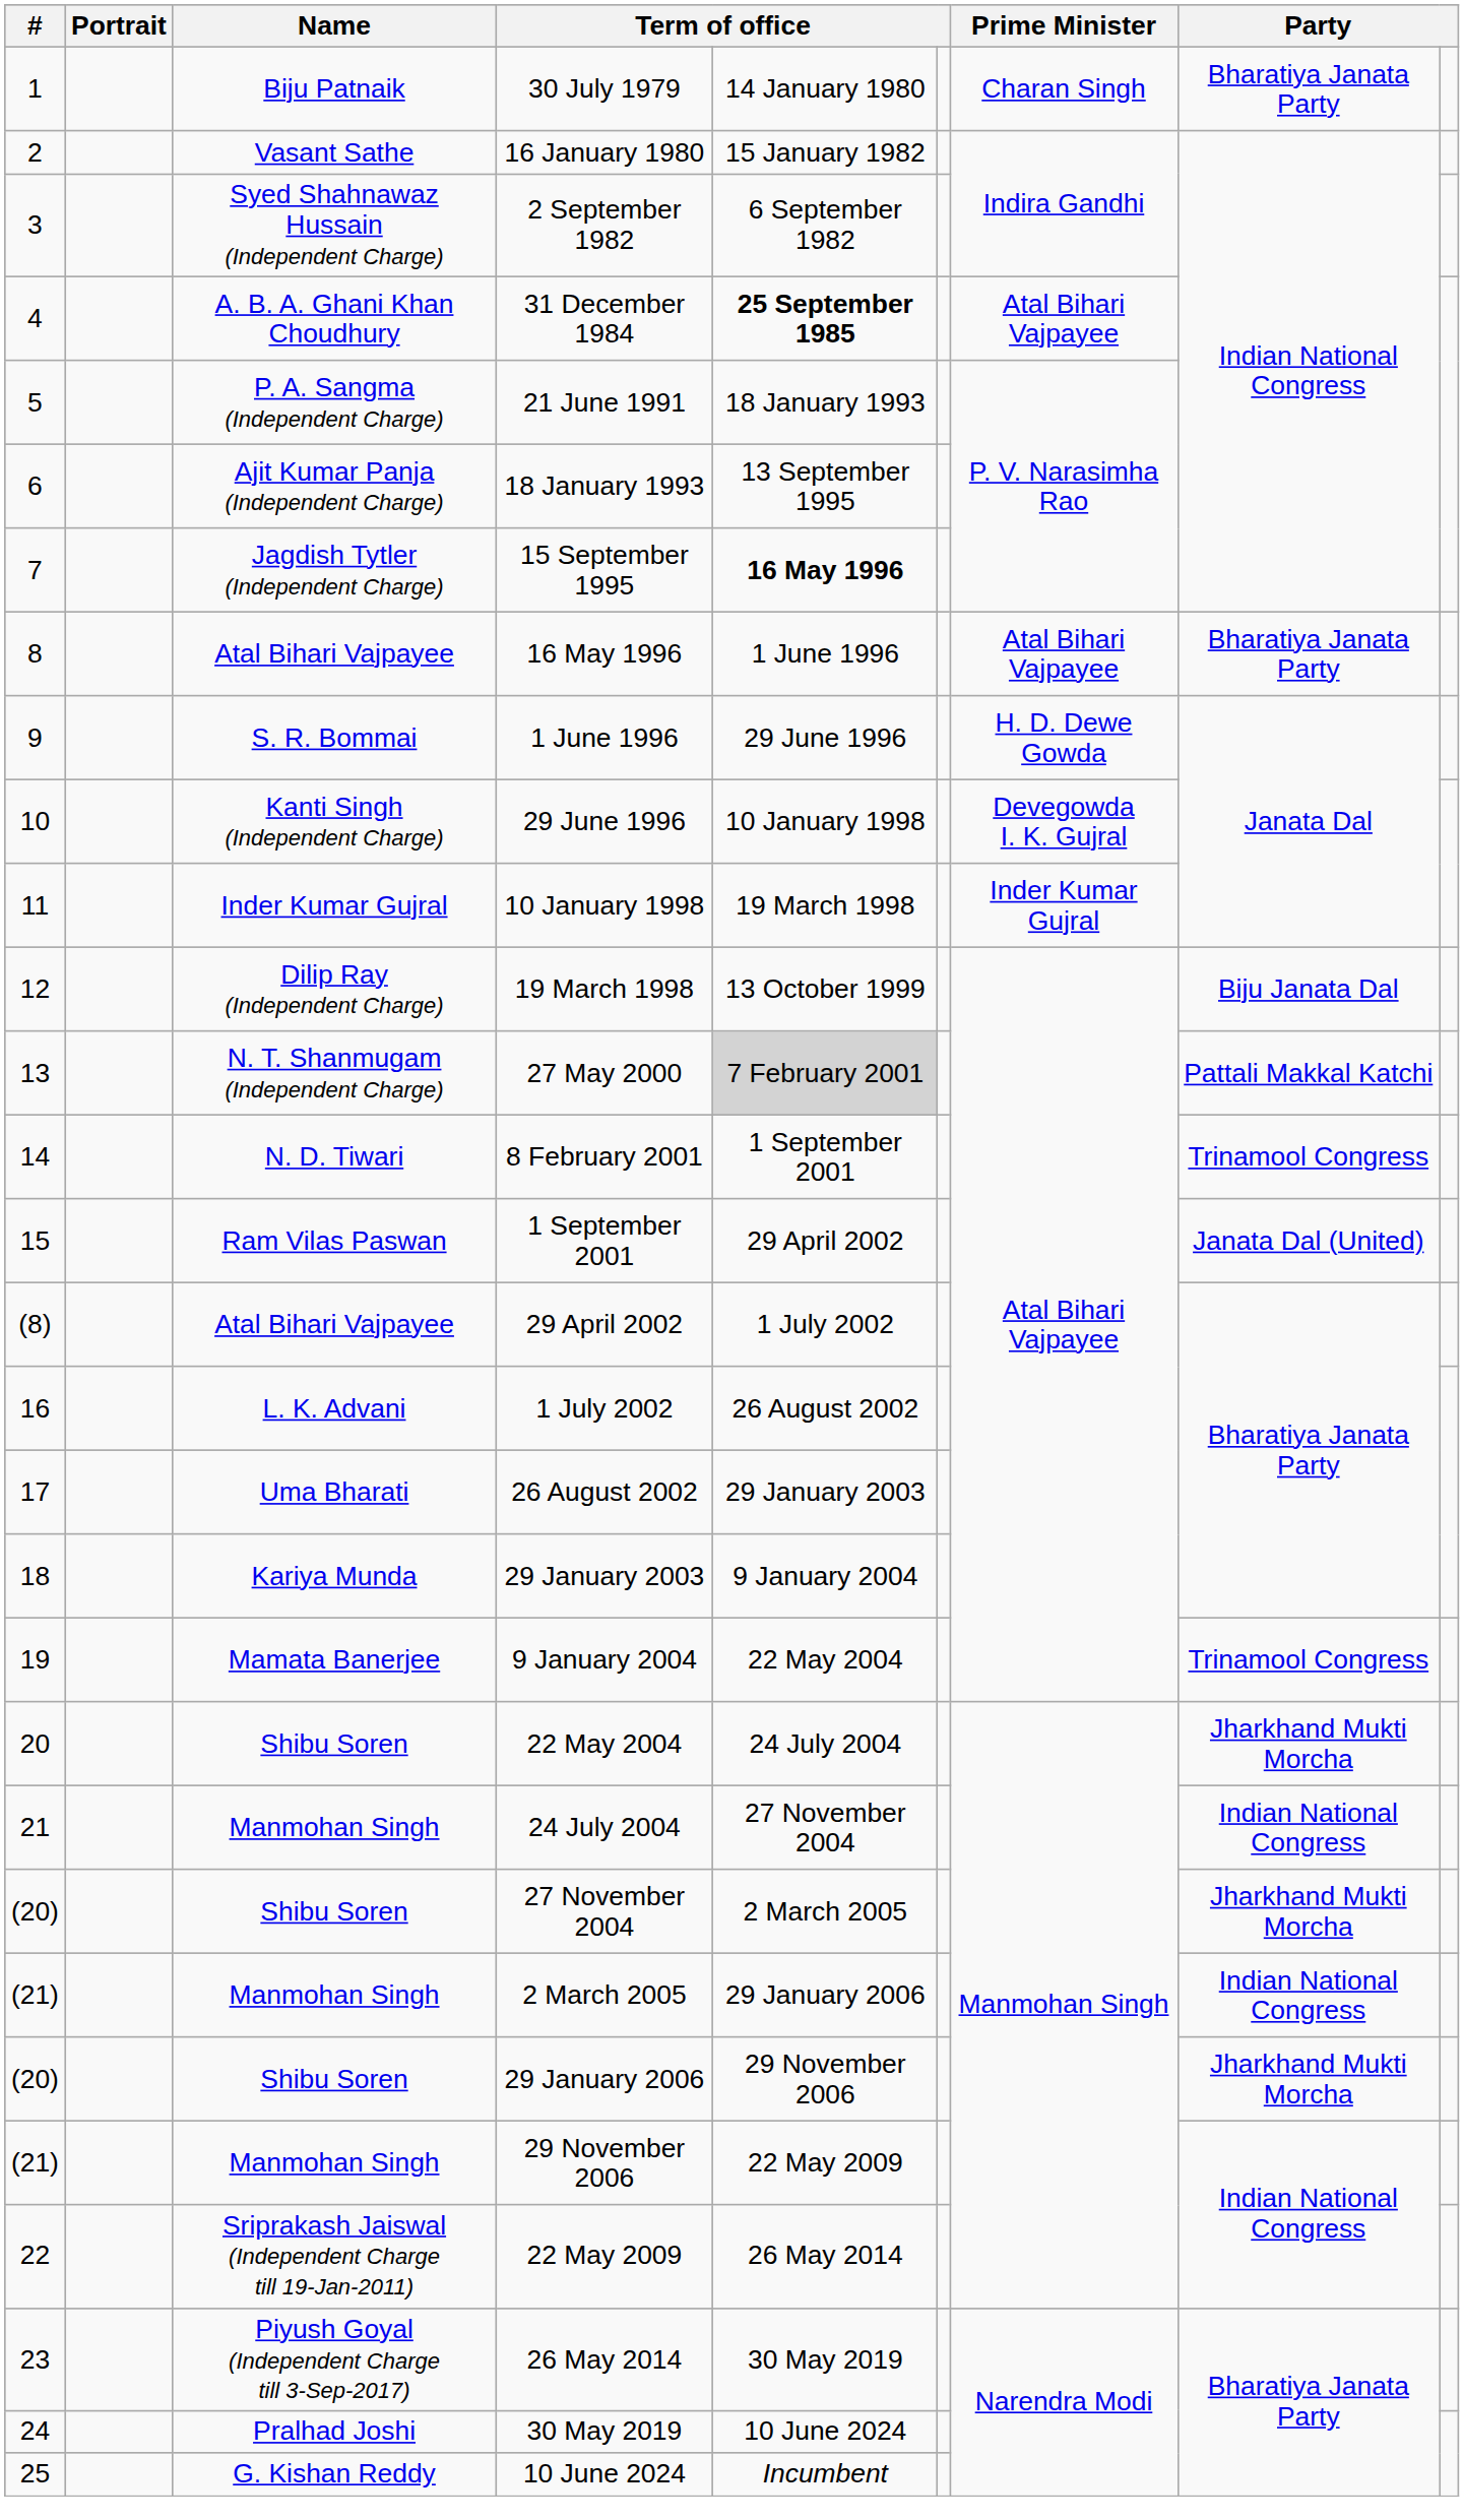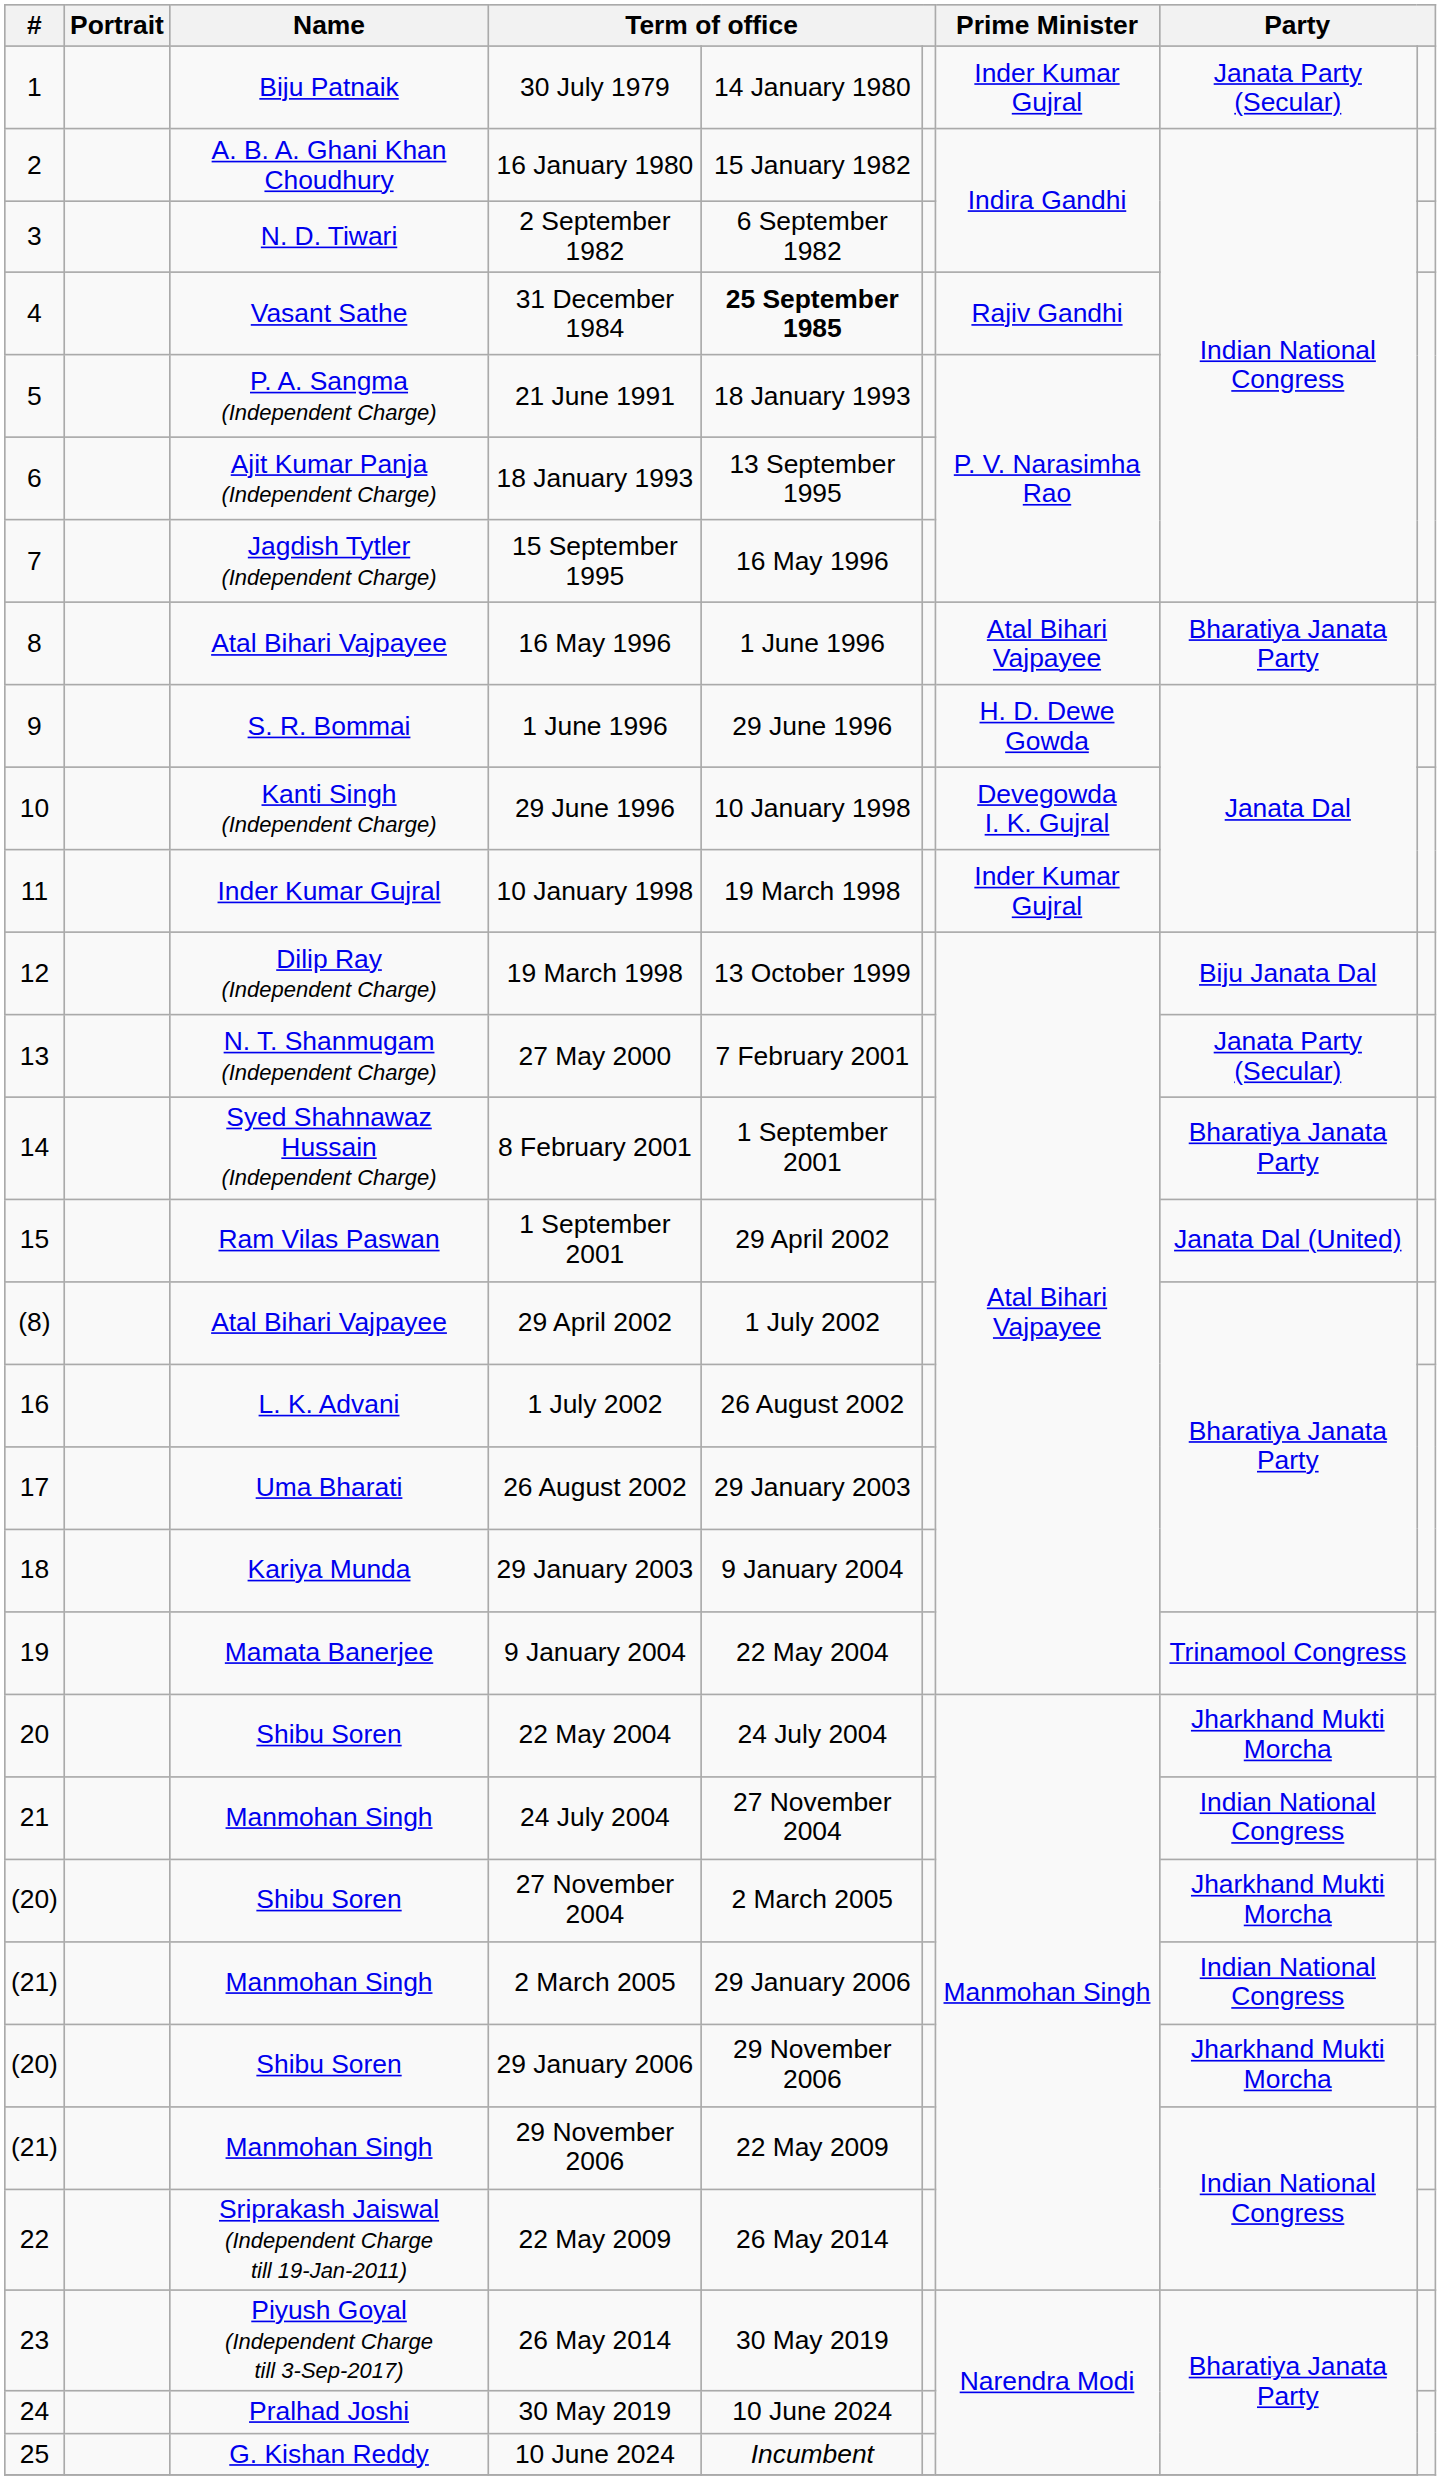 <table class="wikitable" style="text-align:center">
 <tr>
 <th>#</th>
 <th>Portrait</th>
 <th>Name</th>
 <th colspan="3">Term of office</th>
 <th>Prime Minister</th>
 <th colspan=2>Party</th>
 </tr>
 <tr style="height: 50px;">
 <td>1</td>
 <td></td>
 <td><a href='#'>Biju Patnaik</a></td>
 <td>30 July 1979</td>
 <td>14 January 1980</td>
 <td></td>
-<td rowspan="1"><a href='#'>Charan Singh</a></td>
-<td rowspan=1><a href='#'>Bharatiya Janata Party</a></td>
+<td rowspan="1"><a href='#'>Inder Kumar Gujral</a></td>
+<td rowspan=1><a href='#'>Janata Party (Secular)</a></td>
 <td width="4px"></td>
 </tr>
 <tr>
 <td>2</td>
 <td></td>
-<td><a href='#'>Vasant Sathe</a></td>
+<td><a href='#'>A. B. A. Ghani Khan Choudhury</a></td>
 <td>16 January 1980</td>
 <td>15 January 1982</td>
 <td></td>
 <td rowspan="2"><a href='#'>Indira Gandhi</a></td>
 <td rowspan="6"><a href='#'>Indian National Congress</a></td>
 <td></td>
 </tr>
 <tr>
 <td>3</td>
 <td></td>
-<td><a href='#'>Syed Shahnawaz Hussain</a><br><small><em>(Independent Charge)</em></small></td>
+<td><a href='#'>N. D. Tiwari</a></td>
 <td>2 September 1982</td>
 <td>6 September 1982</td>
 <td></td>
 <td></td>
 </tr>
 <tr style="height: 50px;">
 <td>4</td>
 <td></td>
-<td><a href='#'>A. B. A. Ghani Khan Choudhury</a></td>
+<td><a href='#'>Vasant Sathe</a></td>
 <td>31 December 1984</td>
 <td><strong>25 September 1985</strong></td>
 <td></td>
-<td rowspan="1"><a href='#'>Atal Bihari Vajpayee</a></td>
+<td rowspan="1"><a href='#'>Rajiv Gandhi</a></td>
 <td rowspan="4" width="4px"></td>
 </tr>
 <tr style="height: 50px;">
 <td>5</td>
 <td></td>
 <td><a href='#'>P. A. Sangma</a><br><small><em>(Independent Charge)</em></small></td>
 <td>21 June 1991</td>
 <td>18 January 1993</td>
 <td></td>
 <td rowspan="3"><a href='#'>P. V. Narasimha Rao</a></td>
 </tr>
 <tr style="height: 50px;">
 <td>6</td>
 <td></td>
 <td><a href='#'>Ajit Kumar Panja</a><br><small><em>(Independent Charge)</em></small></td>
 <td>18 January 1993</td>
 <td>13 September 1995</td>
 <td></td>
 </tr>
 <tr style="height: 50px;">
 <td>7</td>
 <td></td>
 <td><a href='#'>Jagdish Tytler</a><br><small><em>(Independent Charge)</em></small></td>
 <td>15 September 1995</td>
-<td><strong>16 May 1996</strong></td>
+<td>16 May 1996</td>
 <td></td>
 </tr>
 <tr style="height: 50px;">
 <td>8</td>
 <td></td>
 <td><a href='#'>Atal Bihari Vajpayee</a></td>
 <td>16 May 1996</td>
 <td>1 June 1996</td>
 <td></td>
 <td rowspan="1"><a href='#'>Atal Bihari Vajpayee</a></td>
 <td rowspan=1><a href='#'>Bharatiya Janata Party</a></td>
 <td width="4px"></td>
 </tr>
 <tr style="height: 50px;">
 <td>9</td>
 <td></td>
 <td><a href='#'>S. R. Bommai</a></td>
 <td>1 June 1996</td>
 <td>29 June 1996</td>
 <td></td>
 <td rowspan="1"><a href='#'>H. D. Dewe Gowda</a></td>
 <td rowspan="3"><a href='#'>Janata Dal</a></td>
 <td width="4px"></td>
 </tr>
 <tr style="height: 50px;">
 <td>10</td>
 <td></td>
 <td><a href='#'>Kanti Singh</a><br><small><em>(Independent Charge)</em></small></td>
 <td>29 June 1996</td>
 <td>10 January 1998</td>
 <td></td>
 <td rowspan="1"><a href='#'>Devegowda</a><br><a href='#'>I. K. Gujral</a></td>
 </tr>
 <tr style="height: 50px;">
 <td>11</td>
 <td></td>
 <td><a href='#'>Inder Kumar Gujral</a></td>
 <td>10 January 1998</td>
 <td>19 March 1998</td>
 <td></td>
 <td rowspan="1"><a href='#'>Inder Kumar Gujral</a></td>
 </tr>
 <tr style="height: 50px;">
 <td>12</td>
 <td></td>
 <td><a href='#'>Dilip Ray</a><br><em><small>(Independent Charge)</small></em></td>
 <td>19 March 1998</td>
 <td>13 October 1999</td>
 <td></td>
 <td rowspan="9"><a href='#'>Atal Bihari Vajpayee</a></td>
 <td rowspan="1"><a href='#'>Biju Janata Dal</a></td>
 <td width="4px"></td>
 </tr>
 <tr style="height: 50px;">
 <td>13</td>
 <td></td>
 <td><a href='#'>N. T. Shanmugam</a><br><small><em>(Independent Charge)</em></small></td>
 <td>27 May 2000</td>
-<td style="background: lightgrey;">7 February 2001</td>
+<td>7 February 2001</td>
 <td></td>
-<td rowspan=1><a href='#'>Pattali Makkal Katchi</a></td>
+<td rowspan=1><a href='#'>Janata Party (Secular)</a></td>
 <td width="4px"></td>
 </tr>
 <tr style="height: 50px;">
 <td>14</td>
 <td></td>
-<td><a href='#'>N. D. Tiwari</a></td>
+<td><a href='#'>Syed Shahnawaz Hussain</a><br><small><em>(Independent Charge)</em></small></td>
 <td>8 February 2001</td>
 <td>1 September 2001</td>
 <td></td>
-<td rowspan=1><a href='#'>Trinamool Congress</a></td>
+<td rowspan=1><a href='#'>Bharatiya Janata Party</a></td>
 <td width="4px"></td>
 </tr>
 <tr style="height: 50px;">
 <td>15</td>
 <td></td>
 <td><a href='#'>Ram Vilas Paswan</a></td>
 <td>1 September 2001</td>
 <td>29 April 2002</td>
 <td></td>
 <td rowspan=1><a href='#'>Janata Dal (United)</a></td>
 <td width="4px"></td>
 </tr>
 <tr style="height: 50px;">
 <td>(8)</td>
 <td></td>
 <td><a href='#'>Atal Bihari Vajpayee</a></td>
 <td>29 April 2002</td>
 <td>1 July 2002</td>
 <td></td>
 <td rowspan=4><a href='#'>Bharatiya Janata Party</a></td>
 <td width="4px"></td>
 </tr>
 <tr style="height: 50px;">
 <td>16</td>
 <td></td>
 <td><a href='#'>L. K. Advani</a></td>
 <td>1 July 2002</td>
 <td>26 August 2002</td>
 <td></td>
 </tr>
 <tr style="height: 50px;">
 <td>17</td>
 <td></td>
 <td><a href='#'>Uma Bharati</a></td>
 <td>26 August 2002</td>
 <td>29 January 2003</td>
 <td></td>
 </tr>
 <tr style="height: 50px;">
 <td>18</td>
 <td></td>
 <td><a href='#'>Kariya Munda</a></td>
 <td>29 January 2003</td>
 <td>9 January 2004</td>
 <td></td>
 </tr>
 <tr style="height: 50px;">
 <td>19</td>
 <td></td>
 <td><a href='#'>Mamata Banerjee</a></td>
 <td>9 January 2004</td>
 <td>22 May 2004</td>
 <td></td>
 <td rowspan=1><a href='#'>Trinamool Congress</a></td>
 <td width="4px"></td>
 </tr>
 <tr style="height: 50px;">
 <td>20</td>
 <td></td>
 <td><a href='#'>Shibu Soren</a></td>
 <td>22 May 2004</td>
 <td>24 July 2004</td>
 <td></td>
 <td rowspan="7"><a href='#'>Manmohan Singh</a></td>
 <td rowspan="1"><a href='#'>Jharkhand Mukti Morcha</a></td>
 <td width="4px"></td>
 </tr>
 <tr style="height: 50px;">
 <td>21</td>
 <td></td>
 <td><a href='#'>Manmohan Singh</a></td>
 <td>24 July 2004</td>
 <td>27 November 2004</td>
 <td></td>
 <td rowspan=1><a href='#'>Indian National Congress</a></td>
 <td width="4px"></td>
 </tr>
 <tr style="height: 50px;">
 <td>(20)</td>
 <td></td>
 <td><a href='#'>Shibu Soren</a></td>
 <td>27 November 2004</td>
 <td>2 March 2005</td>
 <td></td>
 <td rowspan=1><a href='#'>Jharkhand Mukti Morcha</a></td>
 <td width="4px"></td>
 </tr>
 <tr style="height: 50px;">
 <td>(21)</td>
 <td></td>
 <td><a href='#'>Manmohan Singh</a></td>
 <td>2 March 2005</td>
 <td>29 January 2006</td>
 <td></td>
 <td rowspan=1><a href='#'>Indian National Congress</a></td>
 <td width="4px"></td>
 </tr>
 <tr style="height: 50px;">
 <td>(20)</td>
 <td></td>
 <td><a href='#'>Shibu Soren</a></td>
 <td>29 January 2006</td>
 <td>29 November 2006</td>
 <td></td>
 <td rowspan=1><a href='#'>Jharkhand Mukti Morcha</a></td>
 <td width="4px"></td>
 </tr>
 <tr style="height: 50px;">
 <td>(21)</td>
 <td></td>
 <td><a href='#'>Manmohan Singh</a></td>
 <td>29 November 2006</td>
 <td>22 May 2009</td>
 <td></td>
 <td rowspan=2><a href='#'>Indian National Congress</a></td>
 <td width="4px"></td>
 </tr>
 <tr style="height: 50px;">
 <td>22</td>
 <td></td>
 <td><a href='#'>Sriprakash Jaiswal</a><br><em><small>(Independent Charge <br> till 19-Jan-2011)</small></em></td>
 <td>22 May 2009</td>
 <td>26 May 2014</td>
 <td></td>
 </tr>
 <tr style="height: 50px;">
 <td>23</td>
 <td></td>
 <td><a href='#'>Piyush Goyal</a><br><em><small>(Independent Charge <br> till 3-Sep-2017)</small></em><br><em></em></td>
 <td>26 May 2014</td>
 <td>30 May 2019</td>
 <td></td>
 <td rowspan="3"><a href='#'>Narendra Modi</a></td>
 <td rowspan="3"><a href='#'>Bharatiya Janata Party</a></td>
 <td width="4px"></td>
 </tr>
 <tr>
 <td>24</td>
 <td></td>
 <td><a href='#'>Pralhad Joshi</a><br><em></em></td>
 <td>30 May 2019</td>
 <td>10 June 2024</td>
 <td></td>
 </tr>
 <tr>
 <td>25</td>
 <td><br></td>
 <td><a href='#'>G. Kishan Reddy</a><br><em></em></td>
 <td>10 June 2024</td>
 <td><em>Incumbent</em></td>
 <td></td>
 </tr>
 <tr>
 </tr>
 </table>
